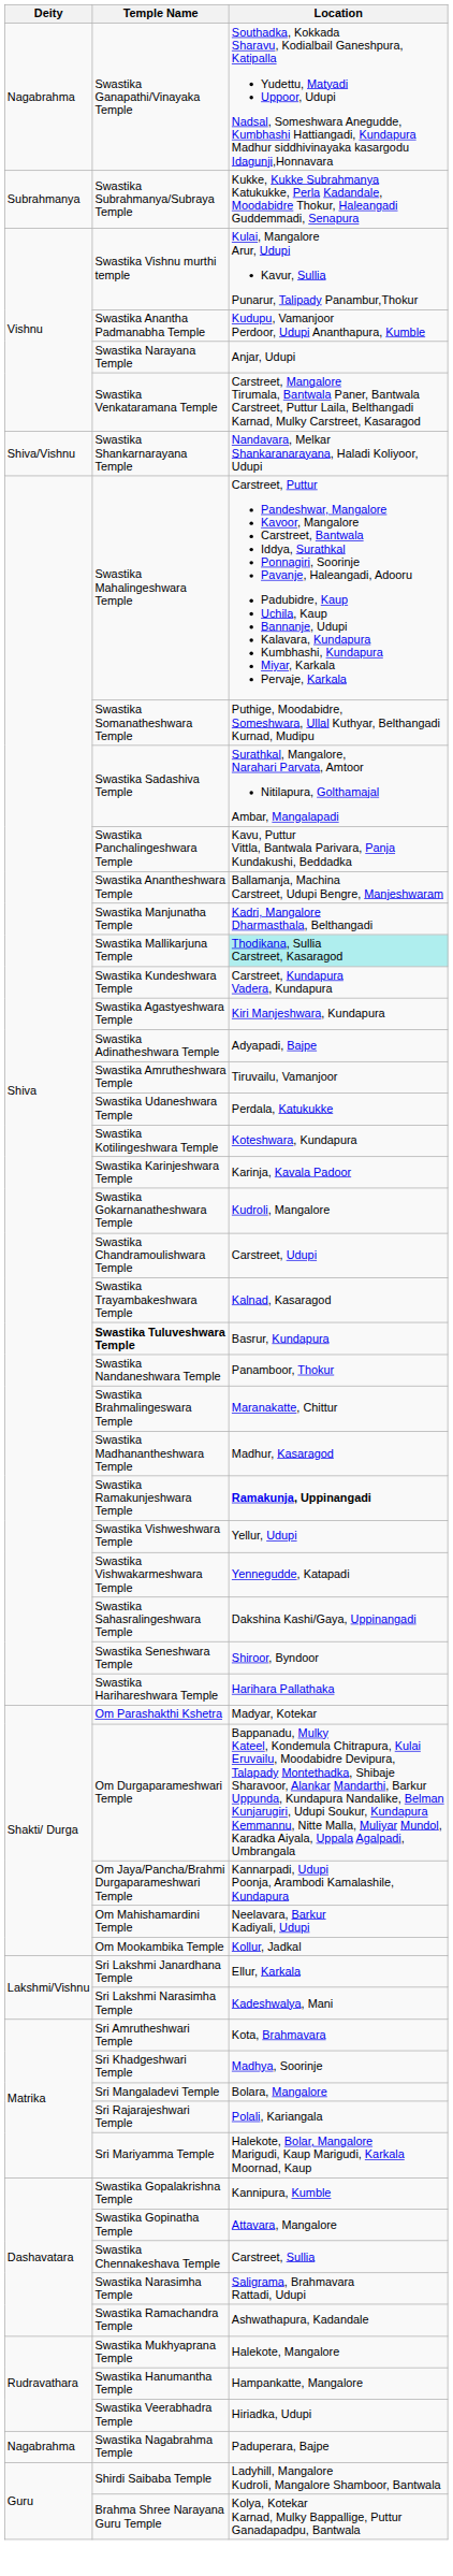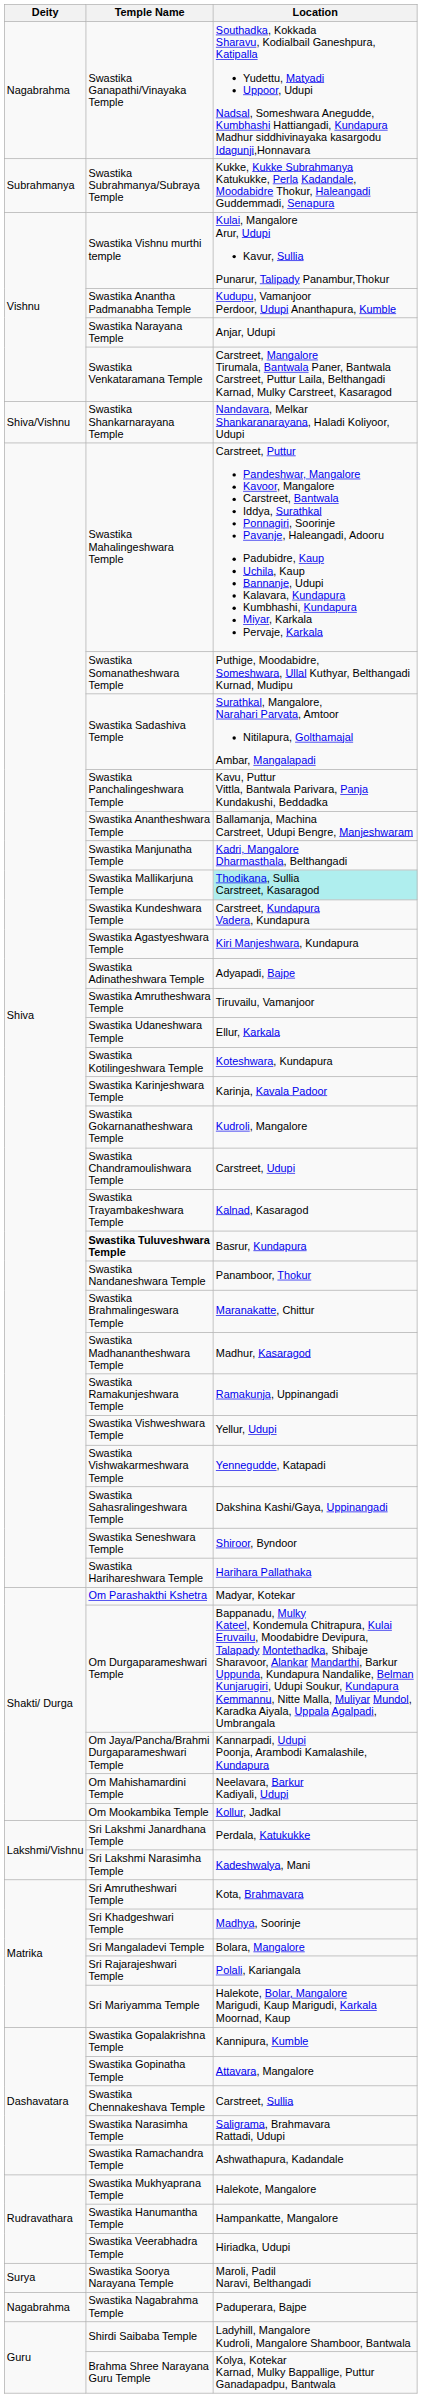 <table class="wikitable">
 <tr name>
 <th>Deity</th>
 <th>Temple Name</th>
 <th>Location</th>
 </tr>
 <tr>
 <td>Nagabrahma</td>
 <td>Swastika Ganapathi/Vinayaka Temple</td>
 <td><a href='#'>Southadka</a>, Kokkada<br><a href='#'>Sharavu</a>, Kodialbail Ganeshpura, <a href='#'>Katipalla</a><ul><li>Yudettu, <a href='#'>Matyadi</a></li><li><a href='#'>Uppoor</a>, Udupi</li></ul><a href='#'>Nadsal</a>, Someshwara Anegudde, <a href='#'>Kumbhashi</a> Hattiangadi, <a href='#'>Kundapura</a> Madhur siddhivinayaka kasargodu <a href='#'>Idagunji</a>,Honnavara</td>
 </tr>
 <tr>
 <td>Subrahmanya</td>
 <td>Swastika Subrahmanya/Subraya Temple</td>
 <td>Kukke, <a href='#'>Kukke Subrahmanya</a><br>Katukukke, <a href='#'>Perla</a> <a href='#'>Kadandale</a>, <a href='#'>Moodabidre</a> Thokur, <a href='#'>Haleangadi</a> Guddemmadi, <a href='#'>Senapura</a></td>
 </tr>
 <tr>
 <td rowspan="4">Vishnu</td>
 <td>Swastika Vishnu murthi temple</td>
 <td><a href='#'>Kulai</a>, Mangalore<br>Arur, <a href='#'>Udupi</a><ul><li>Kavur, <a href='#'>Sullia</a></li></ul>Punarur, <a href='#'>Talipady</a> Panambur,Thokur</td>
 </tr>
 <tr>
 <td>Swastika Anantha Padmanabha Temple</td>
 <td><a href='#'>Kudupu</a>, Vamanjoor<br>Perdoor, <a href='#'>Udupi</a> Ananthapura, <a href='#'>Kumble</a></td>
 </tr>
 <tr>
 <td>Swastika Narayana Temple</td>
 <td>Anjar, Udupi</td>
 </tr>
 <tr>
 <td>Swastika Venkataramana Temple</td>
 <td>Carstreet, <a href='#'>Mangalore</a><br>Tirumala, <a href='#'>Bantwala</a> Paner, Bantwala Carstreet, Puttur Laila, Belthangadi Karnad, Mulky Carstreet, Kasaragod</td>
 </tr>
 <tr>
 <td>Shiva/Vishnu</td>
 <td>Swastika Shankarnarayana Temple</td>
 <td><a href='#'>Nandavara</a>, Melkar<br><a href='#'>Shankaranarayana</a>, Haladi Koliyoor, Udupi</td>
 </tr>
 <tr>
 <td rowspan="27">Shiva</td>
 <td>Swastika Mahalingeshwara Temple</td>
 <td>Carstreet, <a href='#'>Puttur</a><br><ul><li><a href='#'>Pandeshwar, Mangalore</a></li><li><a href='#'>Kavoor</a>, Mangalore</li><li>Carstreet, <a href='#'>Bantwala</a></li><li>Iddya, <a href='#'>Surathkal</a></li><li><a href='#'>Ponnagiri</a>, Soorinje</li><li><a href='#'>Pavanje</a>, Haleangadi, Adooru</li></ul><ul><li>Padubidre, <a href='#'>Kaup</a></li><li><a href='#'>Uchila</a>, Kaup</li><li><a href='#'>Bannanje</a>, Udupi</li><li>Kalavara, <a href='#'>Kundapura</a></li><li>Kumbhashi, <a href='#'>Kundapura</a></li><li><a href='#'>Miyar</a>, Karkala</li><li>Pervaje, <a href='#'>Karkala</a></li></ul></td>
 </tr>
 <tr>
 <td>Swastika Somanatheshwara Temple</td>
 <td>Puthige, Moodabidre,<br><a href='#'>Someshwara</a>, <a href='#'>Ullal</a> Kuthyar, Belthangadi Kurnad, Mudipu</td>
 </tr>
 <tr>
 <td>Swastika Sadashiva Temple</td>
 <td><a href='#'>Surathkal</a>, Mangalore,<br><a href='#'>Narahari Parvata</a>, Amtoor<ul><li>Nitilapura, <a href='#'>Golthamajal</a></li></ul>Ambar, <a href='#'>Mangalapadi</a></td>
 </tr>
 <tr>
 <td>Swastika Panchalingeshwara Temple</td>
 <td>Kavu, Puttur<br>Vittla, Bantwala Parivara, <a href='#'>Panja</a> Kundakushi, Beddadka</td>
 </tr>
 <tr>
 <td>Swastika Anantheshwara Temple</td>
 <td>Ballamanja, Machina<br>Carstreet, Udupi Bengre, <a href='#'>Manjeshwaram</a></td>
 </tr>
 <tr>
 <td>Swastika Manjunatha Temple</td>
 <td><a href='#'>Kadri, Mangalore</a><br><a href='#'>Dharmasthala</a>, Belthangadi</td>
 </tr>
 <tr>
 <td>Swastika Mallikarjuna Temple</td>
 <td style="background: paleturquoise;"><a href='#'>Thodikana</a>, Sullia<br>Carstreet, Kasaragod</td>
 </tr>
 <tr>
 <td>Swastika Kundeshwara Temple</td>
 <td>Carstreet, <a href='#'>Kundapura</a><br><a href='#'>Vadera</a>, Kundapura</td>
 </tr>
 <tr>
 <td>Swastika Agastyeshwara Temple</td>
 <td><a href='#'>Kiri Manjeshwara</a>, Kundapura</td>
 </tr>
 <tr>
 <td>Swastika Adinatheshwara Temple</td>
 <td>Adyapadi, <a href='#'>Bajpe</a></td>
 </tr>
 <tr>
 <td>Swastika Amrutheshwara Temple</td>
 <td>Tiruvailu, Vamanjoor</td>
 </tr>
 <tr>
 <td>Swastika Udaneshwara Temple</td>
-<td>Perdala, <a href='#'>Katukukke</a></td>
+<td>Ellur, <a href='#'>Karkala</a></td>
 </tr>
 <tr>
 <td>Swastika Kotilingeshwara Temple</td>
 <td><a href='#'>Koteshwara</a>, Kundapura</td>
 </tr>
 <tr>
 <td>Swastika Karinjeshwara Temple</td>
 <td>Karinja, <a href='#'>Kavala Padoor</a></td>
 </tr>
 <tr>
 <td>Swastika Gokarnanatheshwara Temple</td>
 <td><a href='#'>Kudroli</a>, Mangalore</td>
 </tr>
 <tr>
 <td>Swastika Chandramoulishwara Temple</td>
 <td>Carstreet, <a href='#'>Udupi</a></td>
 </tr>
 <tr>
 <td>Swastika Trayambakeshwara Temple</td>
 <td><a href='#'>Kalnad</a>, Kasaragod</td>
 </tr>
 <tr>
 <td><strong>Swastika Tuluveshwara Temple</strong></td>
 <td>Basrur, <a href='#'>Kundapura</a></td>
 </tr>
 <tr>
 <td>Swastika Nandaneshwara Temple</td>
 <td>Panamboor, <a href='#'>Thokur</a></td>
 </tr>
 <tr>
 <td>Swastika Brahmalingeswara Temple</td>
 <td><a href='#'>Maranakatte</a>, Chittur</td>
 </tr>
 <tr>
 <td>Swastika Madhanantheshwara Temple</td>
 <td>Madhur, <a href='#'>Kasaragod</a></td>
 </tr>
 <tr>
 <td>Swastika Ramakunjeshwara Temple</td>
-<td><strong><a href='#'>Ramakunja</a>, Uppinangadi</strong></td>
+<td><a href='#'>Ramakunja</a>, Uppinangadi</td>
 </tr>
 <tr>
 <td>Swastika Vishweshwara Temple</td>
 <td>Yellur, <a href='#'>Udupi</a></td>
 </tr>
 <tr>
 <td>Swastika Vishwakarmeshwara Temple</td>
 <td><a href='#'>Yennegudde</a>, Katapadi</td>
 </tr>
 <tr>
 <td>Swastika Sahasralingeshwara Temple</td>
 <td>Dakshina Kashi/Gaya, <a href='#'>Uppinangadi</a></td>
 </tr>
 <tr>
 <td>Swastika Seneshwara Temple</td>
 <td><a href='#'>Shiroor</a>, Byndoor</td>
 </tr>
 <tr>
 <td>Swastika Harihareshwara Temple</td>
 <td><a href='#'>Harihara Pallathaka</a></td>
 </tr>
 <tr>
 <td rowspan="5">Shakti/ Durga</td>
 <td><a href='#'>Om Parashakthi Kshetra</a></td>
 <td>Madyar, Kotekar</td>
 </tr>
 <tr>
 <td>Om Durgaparameshwari Temple</td>
 <td>Bappanadu, <a href='#'>Mulky</a><br><a href='#'>Kateel</a>, Kondemula Chitrapura, <a href='#'>Kulai</a> <a href='#'>Eruvailu</a>, Moodabidre Devipura, <a href='#'>Talapady</a> <a href='#'>Montethadka</a>, Shibaje Sharavoor, <a href='#'>Alankar</a> <a href='#'>Mandarthi</a>, Barkur <a href='#'>Uppunda</a>, Kundapura Nandalike, <a href='#'>Belman</a> <a href='#'>Kunjarugiri</a>, Udupi Soukur, <a href='#'>Kundapura</a> <a href='#'>Kemmannu</a>, Nitte Malla, <a href='#'>Muliyar</a> <a href='#'>Mundol</a>, Karadka Aiyala, <a href='#'>Uppala</a> <a href='#'>Agalpadi</a>, Umbrangala</td>
 </tr>
 <tr>
 <td>Om Jaya/Pancha/Brahmi Durgaparameshwari Temple</td>
 <td>Kannarpadi, <a href='#'>Udupi</a><br>Poonja, Arambodi Kamalashile, <a href='#'>Kundapura</a></td>
 </tr>
 <tr>
 <td>Om Mahishamardini Temple</td>
 <td>Neelavara, <a href='#'>Barkur</a><br>Kadiyali, <a href='#'>Udupi</a></td>
 </tr>
 <tr>
 <td>Om Mookambika Temple</td>
 <td><a href='#'>Kollur</a>, Jadkal</td>
 </tr>
 <tr>
 <td rowspan="2">Lakshmi/Vishnu</td>
 <td>Sri Lakshmi Janardhana Temple</td>
-<td>Ellur, <a href='#'>Karkala</a></td>
+<td>Perdala, <a href='#'>Katukukke</a></td>
 </tr>
 <tr>
 <td>Sri Lakshmi Narasimha Temple</td>
 <td><a href='#'>Kadeshwalya</a>, Mani</td>
 </tr>
 <tr>
 <td rowspan="5">Matrika</td>
 <td>Sri Amrutheshwari Temple</td>
 <td>Kota, <a href='#'>Brahmavara</a></td>
 </tr>
 <tr>
 <td>Sri Khadgeshwari Temple</td>
 <td><a href='#'>Madhya</a>, Soorinje</td>
 </tr>
 <tr>
 <td>Sri Mangaladevi Temple</td>
 <td>Bolara, <a href='#'>Mangalore</a></td>
 </tr>
 <tr>
 <td>Sri Rajarajeshwari Temple</td>
 <td><a href='#'>Polali</a>, Kariangala</td>
 </tr>
 <tr>
 <td>Sri Mariyamma Temple</td>
 <td>Halekote, <a href='#'>Bolar, Mangalore</a><br>Marigudi, Kaup Marigudi, <a href='#'>Karkala</a> Moornad, Kaup</td>
 </tr>
 <tr>
 <td rowspan="5">Dashavatara</td>
 <td>Swastika Gopalakrishna Temple</td>
 <td>Kannipura, <a href='#'>Kumble</a></td>
 </tr>
 <tr>
 <td>Swastika Gopinatha Temple</td>
 <td><a href='#'>Attavara</a>, Mangalore</td>
 </tr>
 <tr>
 <td>Swastika Chennakeshava Temple</td>
 <td>Carstreet, <a href='#'>Sullia</a></td>
 </tr>
 <tr>
 <td>Swastika Narasimha Temple</td>
 <td><a href='#'>Saligrama</a>, Brahmavara<br>Rattadi, Udupi</td>
 </tr>
 <tr>
 <td>Swastika Ramachandra Temple</td>
 <td>Ashwathapura, Kadandale</td>
 </tr>
 <tr swastika parthasarathi temple |mujungavu>
 <td rowspan="3">Rudravathara</td>
 <td>Swastika Mukhyaprana Temple</td>
 <td>Halekote, Mangalore</td>
 </tr>
 <tr>
 <td>Swastika Hanumantha Temple</td>
 <td>Hampankatte, Mangalore</td>
 </tr>
 <tr>
 <td>Swastika Veerabhadra Temple</td>
 <td>Hiriadka, Udupi</td>
 </tr>
 <tr>
+<td>Surya</td>
+<td>Swastika Soorya Narayana Temple</td>
+<td>Maroli, Padil<br>Naravi, Belthangadi</td>
+</tr>
+<tr>
 <td>Nagabrahma</td>
 <td>Swastika Nagabrahma Temple</td>
 <td>Paduperara, Bajpe</td>
 </tr>
 <tr>
 <td rowspan="2">Guru</td>
 <td>Shirdi Saibaba Temple</td>
 <td>Ladyhill, Mangalore<br>Kudroli, Mangalore Shamboor, Bantwala</td>
 </tr>
 <tr>
 <td>Brahma Shree Narayana Guru Temple</td>
 <td>Kolya, Kotekar<br>Karnad, Mulky Bappallige, Puttur Ganadapadpu, Bantwala</td>
 </tr>
 </table>
